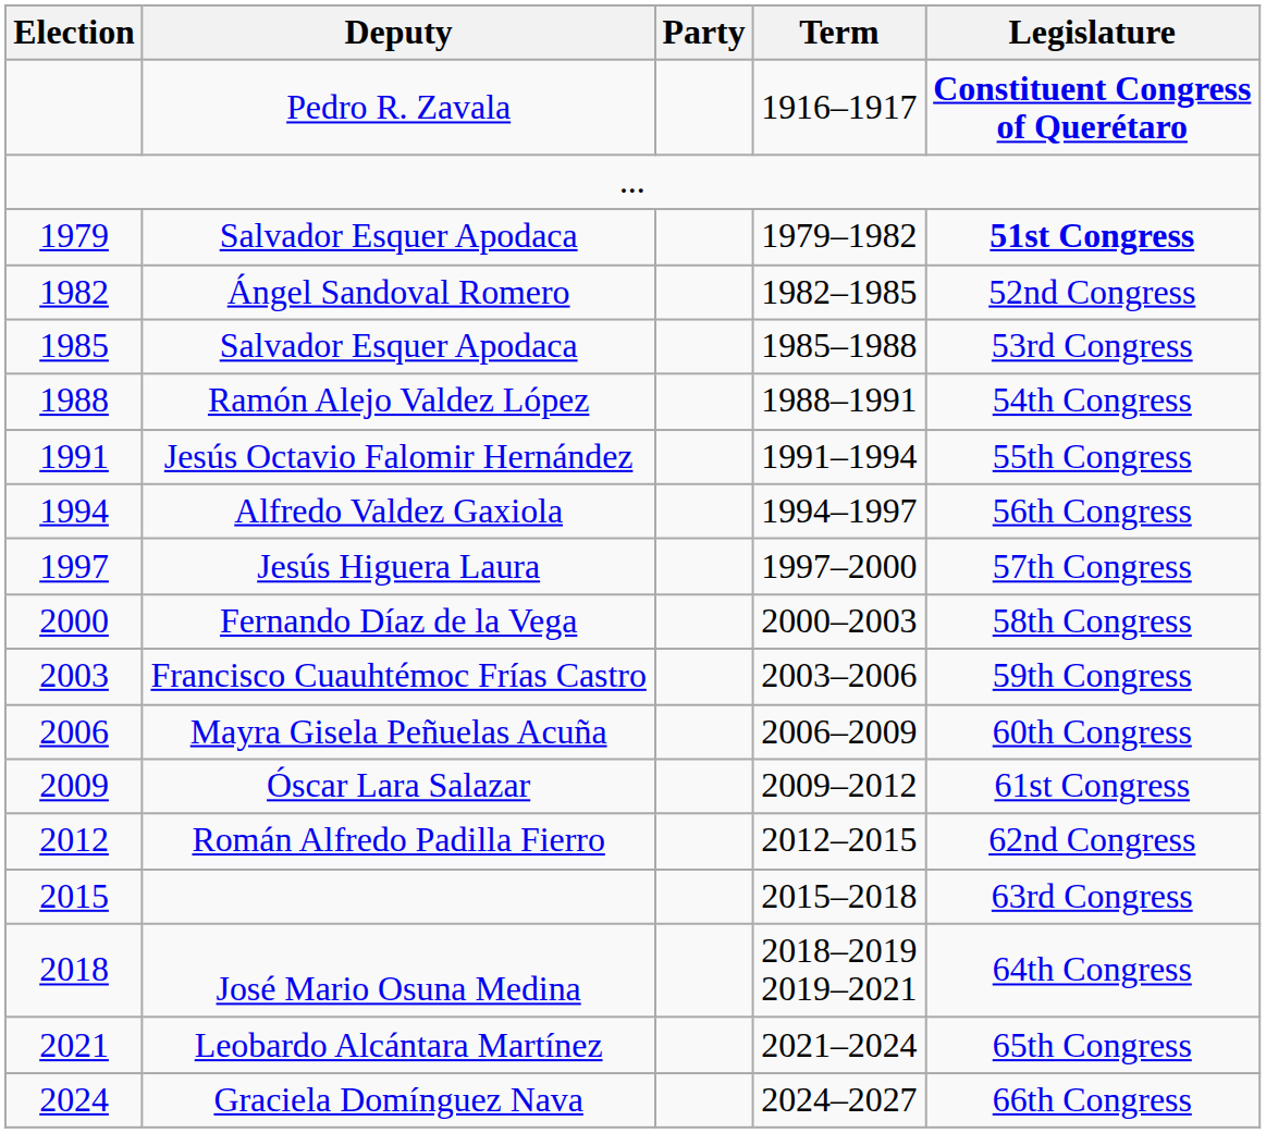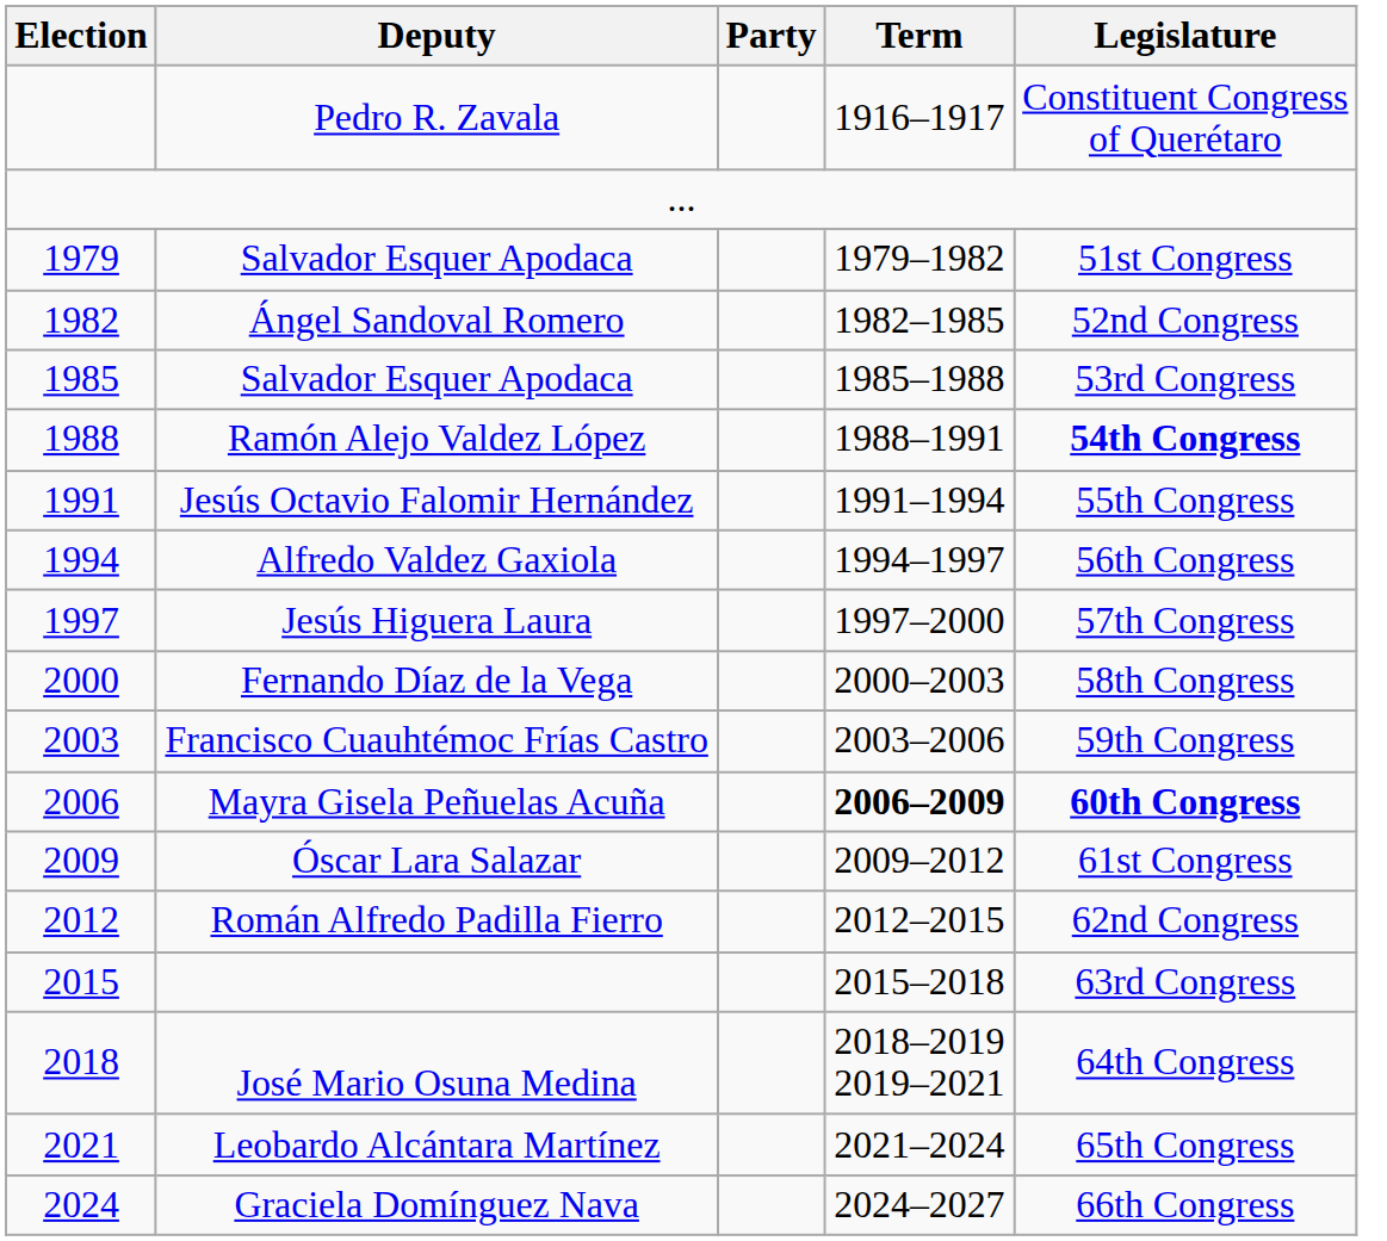 <table class="wikitable sortable" style="text-align: center">
 <tr>
 <th>Election</th>
 <th class="unsortable">Deputy</th>
 <th class="unsortable">Party</th>
 <th class="unsortable">Term</th>
 <th class="unsortable">Legislature</th>
 </tr>
 <tr>
 <td></td>
 <td><a href='#'>Pedro R. Zavala</a></td>
 <td></td>
 <td>1916–1917</td>
-<td><strong><a href='#'>Constituent Congress<br>of Querétaro</a></strong></td>
+<td><a href='#'>Constituent Congress<br>of Querétaro</a></td>
 </tr>
 <tr>
 <td colspan=5> ...</td>
 </tr>
 <tr>
 <td><a href='#'>1979</a></td>
 <td><a href='#'>Salvador Esquer Apodaca</a></td>
 <td></td>
 <td>1979–1982</td>
-<td><strong><a href='#'>51st Congress</a></strong></td>
+<td><a href='#'>51st Congress</a></td>
 </tr>
 <tr>
 <td><a href='#'>1982</a></td>
 <td><a href='#'>Ángel Sandoval Romero</a></td>
 <td></td>
 <td>1982–1985</td>
 <td><a href='#'>52nd Congress</a></td>
 </tr>
 <tr>
 <td><a href='#'>1985</a></td>
 <td><a href='#'>Salvador Esquer Apodaca</a></td>
 <td></td>
 <td>1985–1988</td>
 <td><a href='#'>53rd Congress</a></td>
 </tr>
 <tr>
 <td><a href='#'>1988</a></td>
 <td><a href='#'>Ramón Alejo Valdez López</a></td>
 <td></td>
 <td>1988–1991</td>
-<td><a href='#'>54th Congress</a></td>
+<td><strong><a href='#'>54th Congress</a></strong></td>
 </tr>
 <tr>
 <td><a href='#'>1991</a></td>
 <td><a href='#'>Jesús Octavio Falomir Hernández</a></td>
 <td></td>
 <td>1991–1994</td>
 <td><a href='#'>55th Congress</a></td>
 </tr>
 <tr>
 <td><a href='#'>1994</a></td>
 <td><a href='#'>Alfredo Valdez Gaxiola</a></td>
 <td></td>
 <td>1994–1997</td>
 <td><a href='#'>56th Congress</a></td>
 </tr>
 <tr>
 <td><a href='#'>1997</a></td>
 <td><a href='#'>Jesús Higuera Laura</a></td>
 <td></td>
 <td>1997–2000</td>
 <td><a href='#'>57th Congress</a></td>
 </tr>
 <tr>
 <td><a href='#'>2000</a></td>
 <td><a href='#'>Fernando Díaz de la Vega</a></td>
 <td></td>
 <td>2000–2003</td>
 <td><a href='#'>58th Congress</a></td>
 </tr>
 <tr>
 <td><a href='#'>2003</a></td>
 <td><a href='#'>Francisco Cuauhtémoc Frías Castro</a></td>
 <td></td>
 <td>2003–2006</td>
 <td><a href='#'>59th Congress</a></td>
 </tr>
 <tr>
 <td><a href='#'>2006</a></td>
 <td><a href='#'>Mayra Gisela Peñuelas Acuña</a></td>
 <td></td>
-<td>2006–2009</td>
-<td><a href='#'>60th Congress</a></td>
+<td><strong>2006–2009</strong></td>
+<td><strong><a href='#'>60th Congress</a></strong></td>
 </tr>
 <tr>
 <td><a href='#'>2009</a></td>
 <td><a href='#'>Óscar Lara Salazar</a></td>
 <td></td>
 <td>2009–2012</td>
 <td><a href='#'>61st Congress</a></td>
 </tr>
 <tr>
 <td><a href='#'>2012</a></td>
 <td><a href='#'>Román Alfredo Padilla Fierro</a></td>
 <td></td>
 <td>2012–2015</td>
 <td><a href='#'>62nd Congress</a></td>
 </tr>
 <tr>
 <td><a href='#'>2015</a></td>
 <td></td>
 <td></td>
 <td>2015–2018</td>
 <td><a href='#'>63rd Congress</a></td>
 </tr>
 <tr>
 <td><a href='#'>2018</a></td>
 <td><br><a href='#'>José Mario Osuna Medina</a></td>
 <td><br>  </td>
 <td>2018–2019<br>2019–2021</td>
 <td><a href='#'>64th Congress</a></td>
 </tr>
 <tr>
 <td><a href='#'>2021</a></td>
 <td><a href='#'>Leobardo Alcántara Martínez</a></td>
 <td></td>
 <td>2021–2024</td>
 <td><a href='#'>65th Congress</a></td>
 </tr>
 <tr>
 <td><a href='#'>2024</a></td>
 <td><a href='#'>Graciela Domínguez Nava</a></td>
 <td></td>
 <td>2024–2027</td>
 <td><a href='#'>66th Congress</a></td>
 </tr>
 </table>
